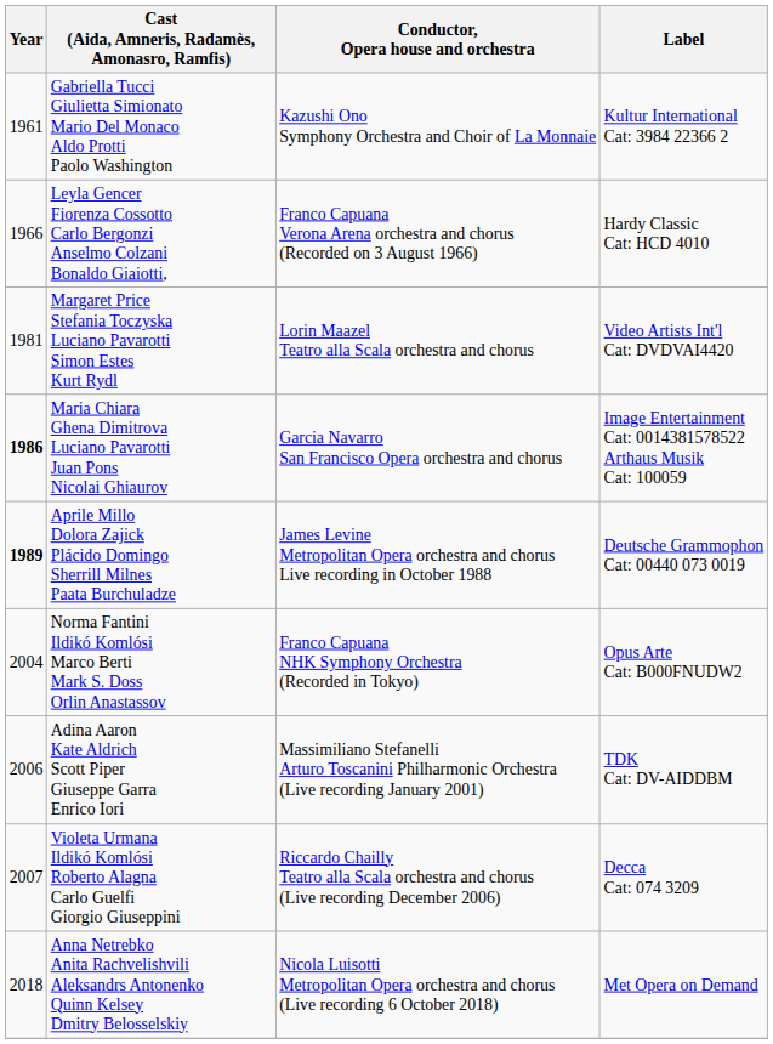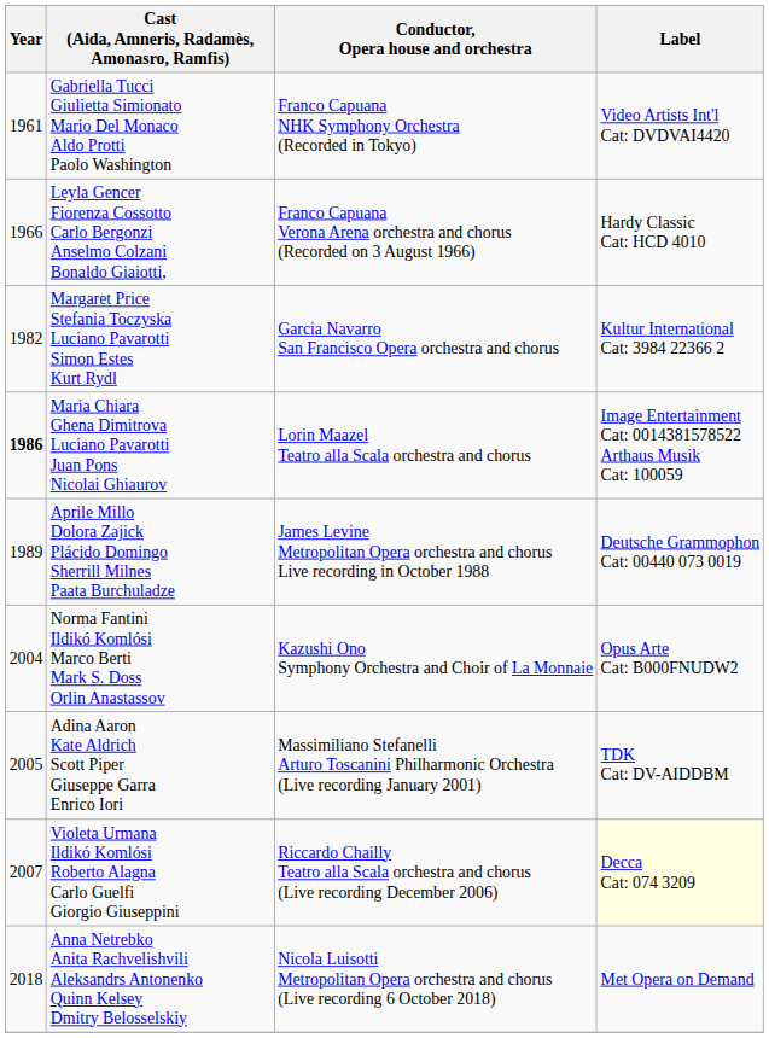 <table class="wikitable" style="font-size:95%;">
 <tr>
 <th>Year</th>
 <th width="200">Cast<br>(Aida, Amneris, Radamès,<br>Amonasro, Ramfis)</th>
 <th>Conductor,<br>Opera house and orchestra</th>
 <th>Label</th>
 </tr>
 <tr>
 <td>1961</td>
 <td><a href='#'>Gabriella Tucci</a><br><a href='#'>Giulietta Simionato</a><br><a href='#'>Mario Del Monaco</a><br><a href='#'>Aldo Protti</a><br>Paolo Washington</td>
-<td><a href='#'>Kazushi Ono</a><br>Symphony Orchestra and Choir of <a href='#'>La Monnaie</a></td>
-<td><a href='#'>Kultur International</a><br>Cat: 3984 22366 2</td>
+<td><a href='#'>Franco Capuana</a><br><a href='#'>NHK Symphony Orchestra</a><br>(Recorded in Tokyo)</td>
+<td><a href='#'>Video Artists Int'l</a><br>Cat: DVDVAI4420</td>
 </tr>
 <tr>
 <td>1966</td>
 <td><a href='#'>Leyla Gencer</a><br><a href='#'>Fiorenza Cossotto</a><br><a href='#'>Carlo Bergonzi</a><br><a href='#'>Anselmo Colzani</a><br><a href='#'>Bonaldo Giaiotti</a>,</td>
 <td><a href='#'>Franco Capuana</a><br><a href='#'>Verona Arena</a> orchestra and chorus<br>(Recorded on 3 August 1966)</td>
 <td>Hardy Classic<br>Cat: HCD 4010</td>
 </tr>
 <tr>
-<td>1981</td>
+<td>1982</td>
 <td><a href='#'>Margaret Price</a><br><a href='#'>Stefania Toczyska</a><br><a href='#'>Luciano Pavarotti</a><br><a href='#'>Simon Estes</a><br><a href='#'>Kurt Rydl</a></td>
-<td><a href='#'>Lorin Maazel</a><br><a href='#'>Teatro alla Scala</a> orchestra and chorus</td>
-<td><a href='#'>Video Artists Int'l</a><br>Cat: DVDVAI4420</td>
+<td><a href='#'>Garcia Navarro</a><br><a href='#'>San Francisco Opera</a> orchestra and chorus</td>
+<td><a href='#'>Kultur International</a><br>Cat: 3984 22366 2</td>
 </tr>
 <tr>
 <td><strong>1986</strong></td>
 <td><a href='#'>Maria Chiara</a><br><a href='#'>Ghena Dimitrova</a><br><a href='#'>Luciano Pavarotti</a><br><a href='#'>Juan Pons</a><br><a href='#'>Nicolai Ghiaurov</a></td>
-<td><a href='#'>Garcia Navarro</a><br><a href='#'>San Francisco Opera</a> orchestra and chorus</td>
+<td><a href='#'>Lorin Maazel</a><br><a href='#'>Teatro alla Scala</a> orchestra and chorus</td>
 <td><a href='#'>Image Entertainment</a><br>Cat: 0014381578522<br><a href='#'>Arthaus Musik</a><br>Cat: 100059</td>
 </tr>
 <tr>
-<td><strong>1989</strong></td>
+<td>1989</td>
 <td><a href='#'>Aprile Millo</a><br><a href='#'>Dolora Zajick</a><br><a href='#'>Plácido Domingo</a><br><a href='#'>Sherrill Milnes</a><br><a href='#'>Paata Burchuladze</a></td>
 <td><a href='#'>James Levine</a><br><a href='#'>Metropolitan Opera</a> orchestra and chorus<br>Live recording in October 1988</td>
 <td><a href='#'>Deutsche Grammophon</a><br>Cat: 00440 073 0019</td>
 </tr>
 <tr>
 <td>2004</td>
 <td>Norma Fantini<br><a href='#'>Ildikó Komlósi</a><br>Marco Berti<br><a href='#'>Mark S. Doss</a><br><a href='#'>Orlin Anastassov</a></td>
-<td><a href='#'>Franco Capuana</a><br><a href='#'>NHK Symphony Orchestra</a><br>(Recorded in Tokyo)</td>
+<td><a href='#'>Kazushi Ono</a><br>Symphony Orchestra and Choir of <a href='#'>La Monnaie</a></td>
 <td><a href='#'>Opus Arte</a><br>Cat: B000FNUDW2</td>
 </tr>
 <tr>
-<td>2006</td>
+<td>2005</td>
 <td>Adina Aaron<br><a href='#'>Kate Aldrich</a><br>Scott Piper<br>Giuseppe Garra<br>Enrico Iori</td>
 <td>Massimiliano Stefanelli<br><a href='#'>Arturo Toscanini</a> Philharmonic Orchestra<br>(Live recording January 2001)</td>
 <td><a href='#'>TDK</a><br>Cat: DV-AIDDBM</td>
 </tr>
 <tr>
 <td>2007</td>
 <td><a href='#'>Violeta Urmana</a><br><a href='#'>Ildikó Komlósi</a><br><a href='#'>Roberto Alagna</a><br>Carlo Guelfi<br>Giorgio Giuseppini</td>
 <td><a href='#'>Riccardo Chailly</a><br><a href='#'>Teatro alla Scala</a> orchestra and chorus<br>(Live recording December 2006)</td>
-<td><a href='#'>Decca</a><br>Cat: 074 3209</td>
+<td style="background: lightyellow;"><a href='#'>Decca</a><br>Cat: 074 3209</td>
 </tr>
 <tr>
 <td>2018</td>
 <td><a href='#'>Anna Netrebko</a><br><a href='#'>Anita Rachvelishvili</a><br><a href='#'>Aleksandrs Antonenko</a><br><a href='#'>Quinn Kelsey</a><br><a href='#'>Dmitry Belosselskiy</a></td>
 <td><a href='#'>Nicola Luisotti</a><br><a href='#'>Metropolitan Opera</a> orchestra and chorus<br>(Live recording 6 October 2018)</td>
 <td><a href='#'>Met Opera on Demand</a></td>
 </tr>
 <tr>
 </tr>
 </table>
